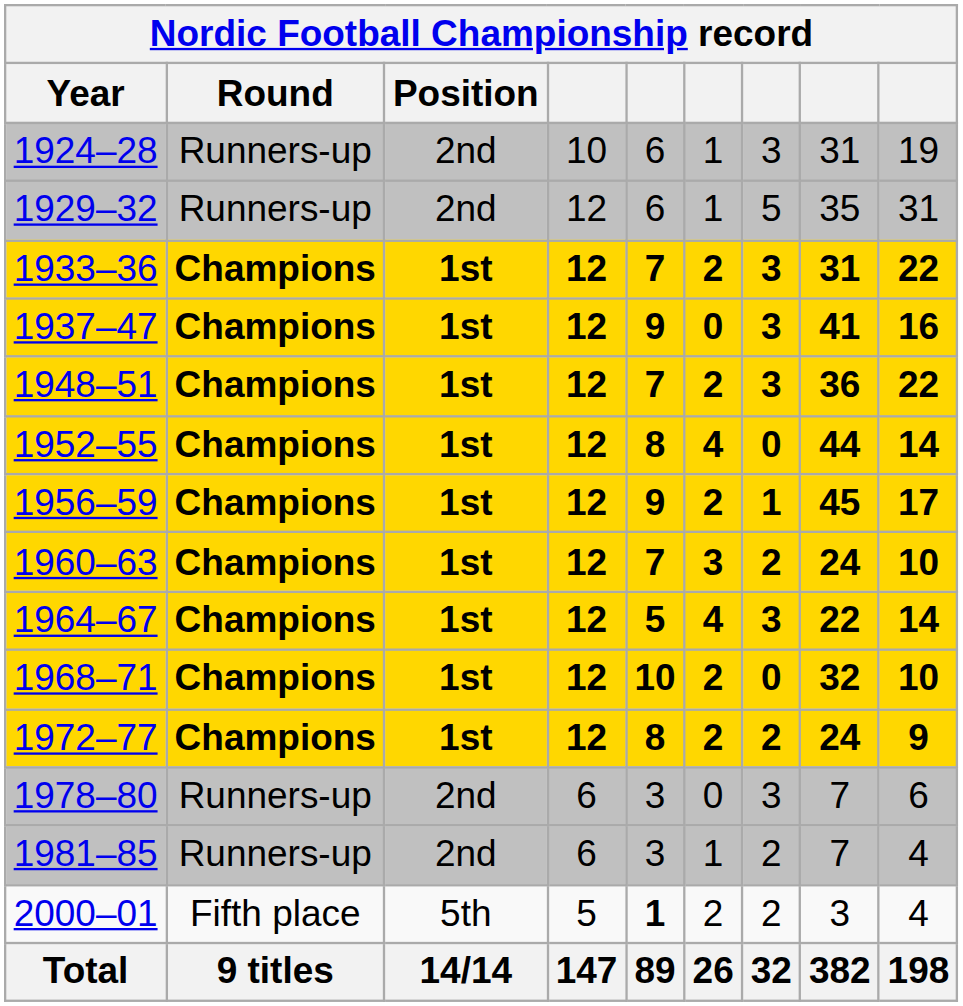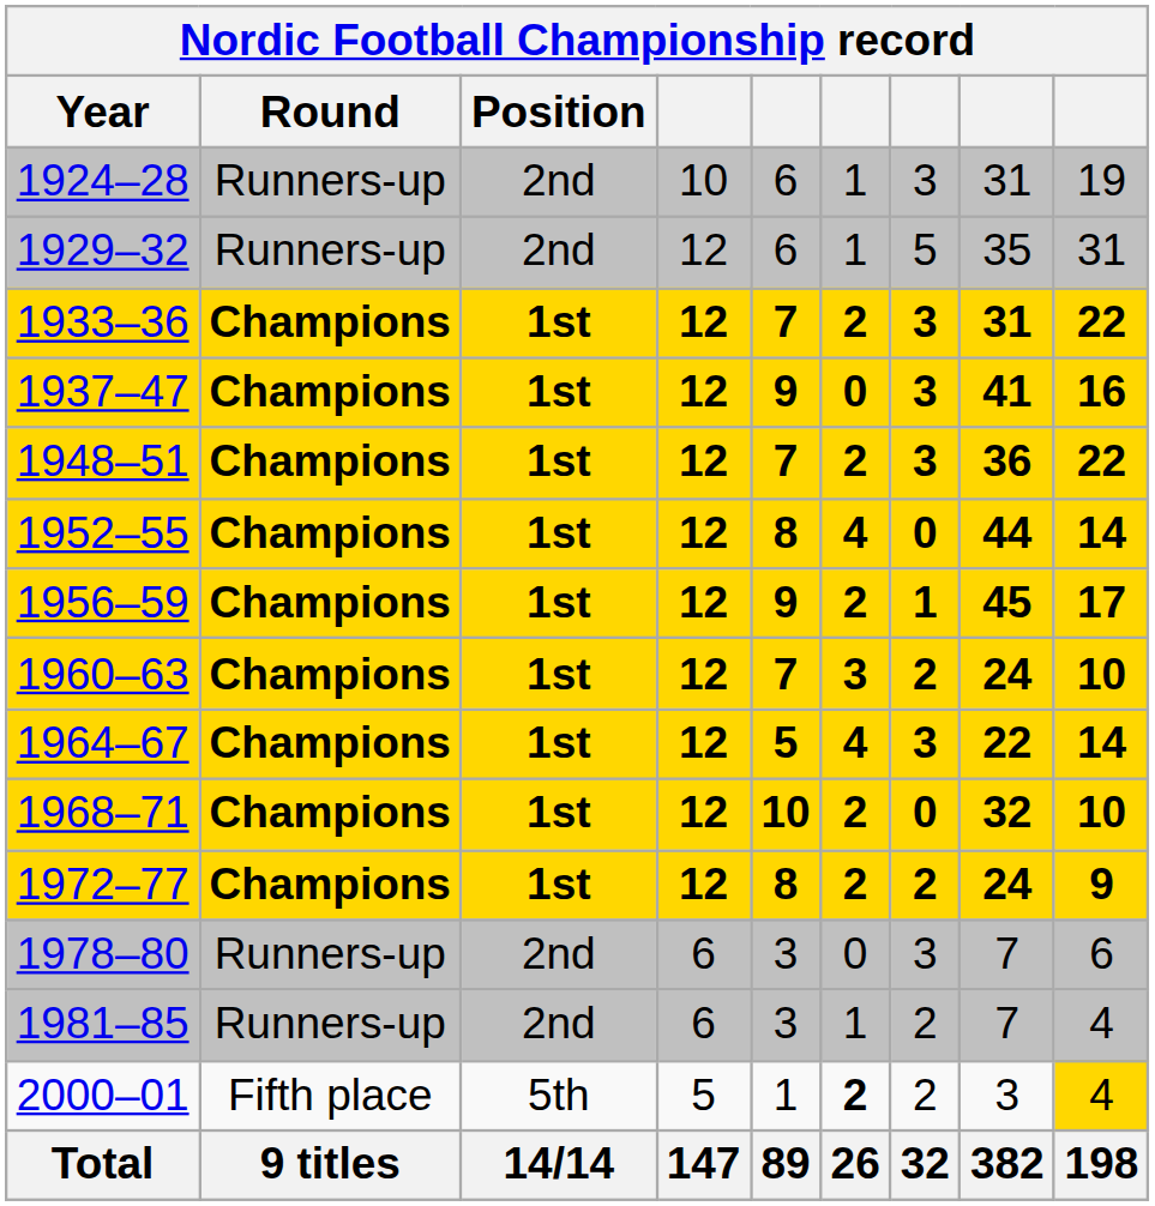 <table class="wikitable" style="text-align: center;">
 <tr>
 <th colspan=9><a href='#'>Nordic Football Championship</a> record</th>
 </tr>
 <tr>
 <th>Year</th>
 <th>Round</th>
 <th>Position</th>
 <th></th>
 <th></th>
 <th></th>
 <th></th>
 <th></th>
 <th></th>
 </tr>
 <tr style="background:silver;">
 <td><a href='#'>1924–28</a></td>
 <td>Runners-up</td>
 <td>2nd</td>
 <td>10</td>
 <td>6</td>
 <td>1</td>
 <td>3</td>
 <td>31</td>
 <td>19</td>
 </tr>
 <tr style="background:silver;">
 <td><a href='#'>1929–32</a></td>
 <td>Runners-up</td>
 <td>2nd</td>
 <td>12</td>
 <td>6</td>
 <td>1</td>
 <td>5</td>
 <td>35</td>
 <td>31</td>
 </tr>
 <tr style="background:gold;">
 <td><a href='#'>1933–36</a></td>
 <td><strong>Champions</strong></td>
 <td><strong>1st</strong></td>
 <td><strong>12</strong></td>
 <td><strong>7</strong></td>
 <td><strong>2</strong></td>
 <td><strong>3</strong></td>
 <td><strong>31</strong></td>
 <td><strong>22</strong></td>
 </tr>
 <tr style="background:gold;">
 <td><a href='#'>1937–47</a></td>
 <td><strong>Champions</strong></td>
 <td><strong>1st</strong></td>
 <td><strong>12</strong></td>
 <td><strong>9</strong></td>
 <td><strong>0</strong></td>
 <td><strong>3</strong></td>
 <td><strong>41</strong></td>
 <td><strong>16</strong></td>
 </tr>
 <tr style="background:gold;">
 <td><a href='#'>1948–51</a></td>
 <td><strong>Champions</strong></td>
 <td><strong>1st</strong></td>
 <td><strong>12</strong></td>
 <td><strong>7</strong></td>
 <td><strong>2</strong></td>
 <td><strong>3</strong></td>
 <td><strong>36</strong></td>
 <td><strong>22</strong></td>
 </tr>
 <tr style="background:gold;">
 <td><a href='#'>1952–55</a></td>
 <td><strong>Champions</strong></td>
 <td><strong>1st</strong></td>
 <td><strong>12</strong></td>
 <td><strong>8</strong></td>
 <td><strong>4</strong></td>
 <td><strong>0</strong></td>
 <td><strong>44</strong></td>
 <td><strong>14</strong></td>
 </tr>
 <tr style="background:gold;">
 <td><a href='#'>1956–59</a></td>
 <td><strong>Champions</strong></td>
 <td><strong>1st</strong></td>
 <td><strong>12</strong></td>
 <td><strong>9</strong></td>
 <td><strong>2</strong></td>
 <td><strong>1</strong></td>
 <td><strong>45</strong></td>
 <td><strong>17</strong></td>
 </tr>
 <tr style="background:gold;">
 <td><a href='#'>1960–63</a></td>
 <td><strong>Champions</strong></td>
 <td><strong>1st</strong></td>
 <td><strong>12</strong></td>
 <td><strong>7</strong></td>
 <td><strong>3</strong></td>
 <td><strong>2</strong></td>
 <td><strong>24</strong></td>
 <td><strong>10</strong></td>
 </tr>
 <tr style="background:gold;">
 <td><a href='#'>1964–67</a></td>
 <td><strong>Champions</strong></td>
 <td><strong>1st</strong></td>
 <td><strong>12</strong></td>
 <td><strong>5</strong></td>
 <td><strong>4</strong></td>
 <td><strong>3</strong></td>
 <td><strong>22</strong></td>
 <td><strong>14</strong></td>
 </tr>
 <tr style="background:gold;">
 <td><a href='#'>1968–71</a></td>
 <td><strong>Champions</strong></td>
 <td><strong>1st</strong></td>
 <td><strong>12</strong></td>
 <td><strong>10</strong></td>
 <td><strong>2</strong></td>
 <td><strong>0</strong></td>
 <td><strong>32</strong></td>
 <td><strong>10</strong></td>
 </tr>
 <tr style="background:gold;">
 <td><a href='#'>1972–77</a></td>
 <td><strong>Champions</strong></td>
 <td><strong>1st</strong></td>
 <td><strong>12</strong></td>
 <td><strong>8</strong></td>
 <td><strong>2</strong></td>
 <td><strong>2</strong></td>
 <td><strong>24</strong></td>
 <td><strong>9</strong></td>
 </tr>
 <tr style="background:silver;">
 <td><a href='#'>1978–80</a></td>
 <td>Runners-up</td>
 <td>2nd</td>
 <td>6</td>
 <td>3</td>
 <td>0</td>
 <td>3</td>
 <td>7</td>
 <td>6</td>
 </tr>
 <tr style="background:silver;">
 <td><a href='#'>1981–85</a></td>
 <td>Runners-up</td>
 <td>2nd</td>
 <td>6</td>
 <td>3</td>
 <td>1</td>
 <td>2</td>
 <td>7</td>
 <td>4</td>
 </tr>
 <tr>
 <td><a href='#'>2000–01</a></td>
 <td>Fifth place</td>
 <td>5th</td>
 <td>5</td>
-<td><strong>1</strong></td>
-<td>2</td>
+<td>1</td>
+<td><strong>2</strong></td>
 <td>2</td>
 <td>3</td>
-<td>4</td>
+<td style="background: gold;">4</td>
 </tr>
 <tr>
 <th>Total</th>
 <th>9 titles</th>
 <th>14/14</th>
 <th>147</th>
 <th>89</th>
 <th>26</th>
 <th>32</th>
 <th>382</th>
 <th>198</th>
 </tr>
 </table>
